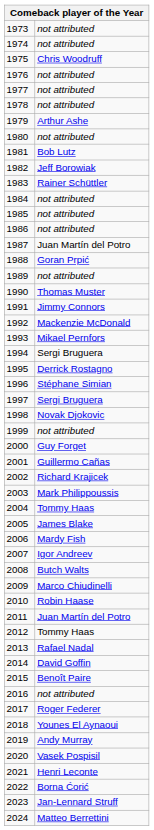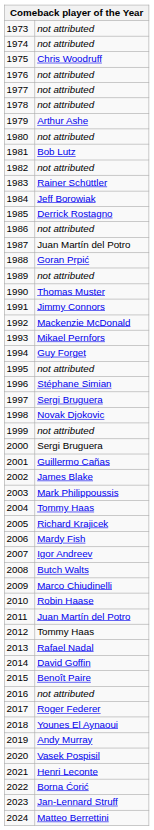 <table class="wikitable sortable"  style="display:inline-table;">
 <tr>
 <th colspan="2" width=230>Comeback player of the Year</th>
 </tr>
 <tr>
 <td>1973</td>
 <td><em>not attributed</em></td>
 </tr>
 <tr>
 <td>1974</td>
 <td><em>not attributed</em></td>
 </tr>
 <tr>
 <td>1975</td>
 <td> <a href='#'>Chris Woodruff</a></td>
 </tr>
 <tr>
 <td>1976</td>
 <td><em>not attributed</em></td>
 </tr>
 <tr>
 <td>1977</td>
 <td><em>not attributed</em></td>
 </tr>
 <tr>
 <td>1978</td>
 <td><em>not attributed</em></td>
 </tr>
 <tr>
 <td>1979</td>
 <td> <a href='#'>Arthur Ashe</a></td>
 </tr>
 <tr>
 <td>1980</td>
 <td><em>not attributed</em></td>
 </tr>
 <tr>
 <td>1981</td>
 <td> <a href='#'>Bob Lutz</a></td>
 </tr>
 <tr>
 <td>1982</td>
-<td> <a href='#'>Jeff Borowiak</a></td>
+<td><em>not attributed</em></td>
 </tr>
 <tr>
 <td>1983</td>
 <td> <a href='#'>Rainer Schüttler</a></td>
 </tr>
 <tr>
 <td>1984</td>
-<td><em>not attributed</em></td>
+<td> <a href='#'>Jeff Borowiak</a></td>
 </tr>
 <tr>
 <td>1985</td>
-<td><em>not attributed</em></td>
+<td> <a href='#'>Derrick Rostagno</a></td>
 </tr>
 <tr>
 <td>1986</td>
 <td><em>not attributed</em></td>
 </tr>
 <tr>
 <td>1987</td>
 <td> Juan Martín del Potro </td>
 </tr>
 <tr>
 <td>1988</td>
 <td> <a href='#'>Goran Prpić</a></td>
 </tr>
 <tr>
 <td>1989</td>
 <td><em>not attributed</em></td>
 </tr>
 <tr>
 <td>1990</td>
 <td> <a href='#'>Thomas Muster</a></td>
 </tr>
 <tr>
 <td>1991</td>
 <td> <a href='#'>Jimmy Connors</a></td>
 </tr>
 <tr>
 <td>1992</td>
 <td> <a href='#'>Mackenzie McDonald</a></td>
 </tr>
 <tr>
 <td>1993</td>
 <td> <a href='#'>Mikael Pernfors</a></td>
 </tr>
 <tr>
 <td>1994</td>
-<td> Sergi Bruguera </td>
+<td> <a href='#'>Guy Forget</a></td>
 </tr>
 <tr>
 <td>1995</td>
-<td> <a href='#'>Derrick Rostagno</a></td>
+<td><em>not attributed</em></td>
 </tr>
 <tr>
 <td>1996</td>
 <td> <a href='#'>Stéphane Simian</a></td>
 </tr>
 <tr>
 <td>1997</td>
 <td> <a href='#'>Sergi Bruguera</a></td>
 </tr>
 <tr>
 <td>1998</td>
 <td> <a href='#'>Novak Djokovic</a></td>
 </tr>
 <tr>
 <td>1999</td>
 <td><em>not attributed</em></td>
 </tr>
 <tr>
 <td>2000</td>
-<td> <a href='#'>Guy Forget</a></td>
+<td> Sergi Bruguera </td>
 </tr>
 <tr>
 <td>2001</td>
 <td> <a href='#'>Guillermo Cañas</a></td>
 </tr>
 <tr>
 <td>2002</td>
-<td> <a href='#'>Richard Krajicek</a></td>
+<td> <a href='#'>James Blake</a></td>
 </tr>
 <tr>
 <td>2003</td>
 <td> <a href='#'>Mark Philippoussis</a></td>
 </tr>
 <tr>
 <td>2004</td>
 <td> <a href='#'>Tommy Haas</a></td>
 </tr>
 <tr>
 <td>2005</td>
-<td> <a href='#'>James Blake</a></td>
+<td> <a href='#'>Richard Krajicek</a></td>
 </tr>
 <tr>
 <td>2006</td>
 <td> <a href='#'>Mardy Fish</a></td>
 </tr>
 <tr>
 <td>2007</td>
 <td> <a href='#'>Igor Andreev</a></td>
 </tr>
 <tr>
 <td>2008</td>
 <td> <a href='#'>Butch Walts</a></td>
 </tr>
 <tr>
 <td>2009</td>
 <td> <a href='#'>Marco Chiudinelli</a></td>
 </tr>
 <tr>
 <td>2010</td>
 <td> <a href='#'>Robin Haase</a></td>
 </tr>
 <tr>
 <td>2011</td>
 <td>  <a href='#'>Juan Martín del Potro</a></td>
 </tr>
 <tr>
 <td>2012</td>
 <td> Tommy Haas </td>
 </tr>
 <tr>
 <td>2013</td>
 <td> <a href='#'>Rafael Nadal</a></td>
 </tr>
 <tr>
 <td>2014</td>
 <td> <a href='#'>David Goffin</a></td>
 </tr>
 <tr>
 <td>2015</td>
 <td> <a href='#'>Benoît Paire</a></td>
 </tr>
 <tr>
 <td>2016</td>
 <td><em>not attributed</em></td>
 </tr>
 <tr>
 <td>2017</td>
 <td> <a href='#'>Roger Federer</a></td>
 </tr>
 <tr>
 <td>2018</td>
 <td> <a href='#'>Younes El Aynaoui</a></td>
 </tr>
 <tr>
 <td>2019</td>
 <td> <a href='#'>Andy Murray</a></td>
 </tr>
 <tr>
 <td>2020</td>
 <td> <a href='#'>Vasek Pospisil</a></td>
 </tr>
 <tr>
 <td>2021</td>
 <td> <a href='#'>Henri Leconte</a></td>
 </tr>
 <tr>
 <td>2022</td>
 <td> <a href='#'>Borna Ćorić</a></td>
 </tr>
 <tr>
 <td>2023</td>
 <td> <a href='#'>Jan-Lennard Struff</a></td>
 </tr>
 <tr>
 <td>2024</td>
 <td> <a href='#'>Matteo Berrettini</a></td>
 </tr>
 </table>
